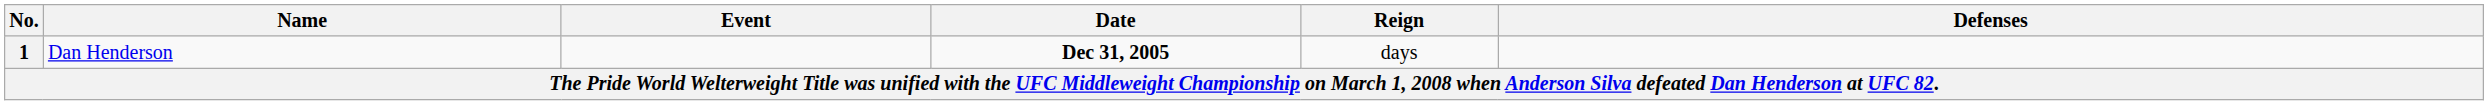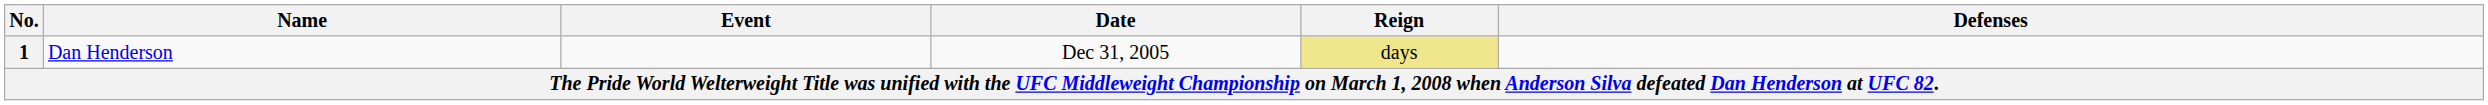 <table class="wikitable" width=100%>
 <tr>
 <th width=1%>No.</th>
 <th width=21%>Name</th>
 <th width=15%>Event</th>
 <th width=15%>Date</th>
 <th width=8%>Reign</th>
 <th width=48%>Defenses</th>
 </tr>
 <tr>
 <th>1</th>
 <td align=left> <a href='#'>Dan Henderson</a><br></td>
 <td align=center><br></td>
-<td align=center><strong>Dec 31, 2005</strong></td>
-<td align=center> days</td>
+<td align=center>Dec 31, 2005</td>
+<td align=center style="background: khaki;"> days</td>
 <td></td>
 </tr>
 <tr>
 <th align=center colspan=6><em>The Pride World Welterweight Title was unified with the <a href='#'>UFC Middleweight Championship</a> on March 1, 2008 when <a href='#'>Anderson Silva</a> defeated <a href='#'>Dan Henderson</a> at <a href='#'>UFC 82</a></em>.</th>
 </tr>
 </table>
